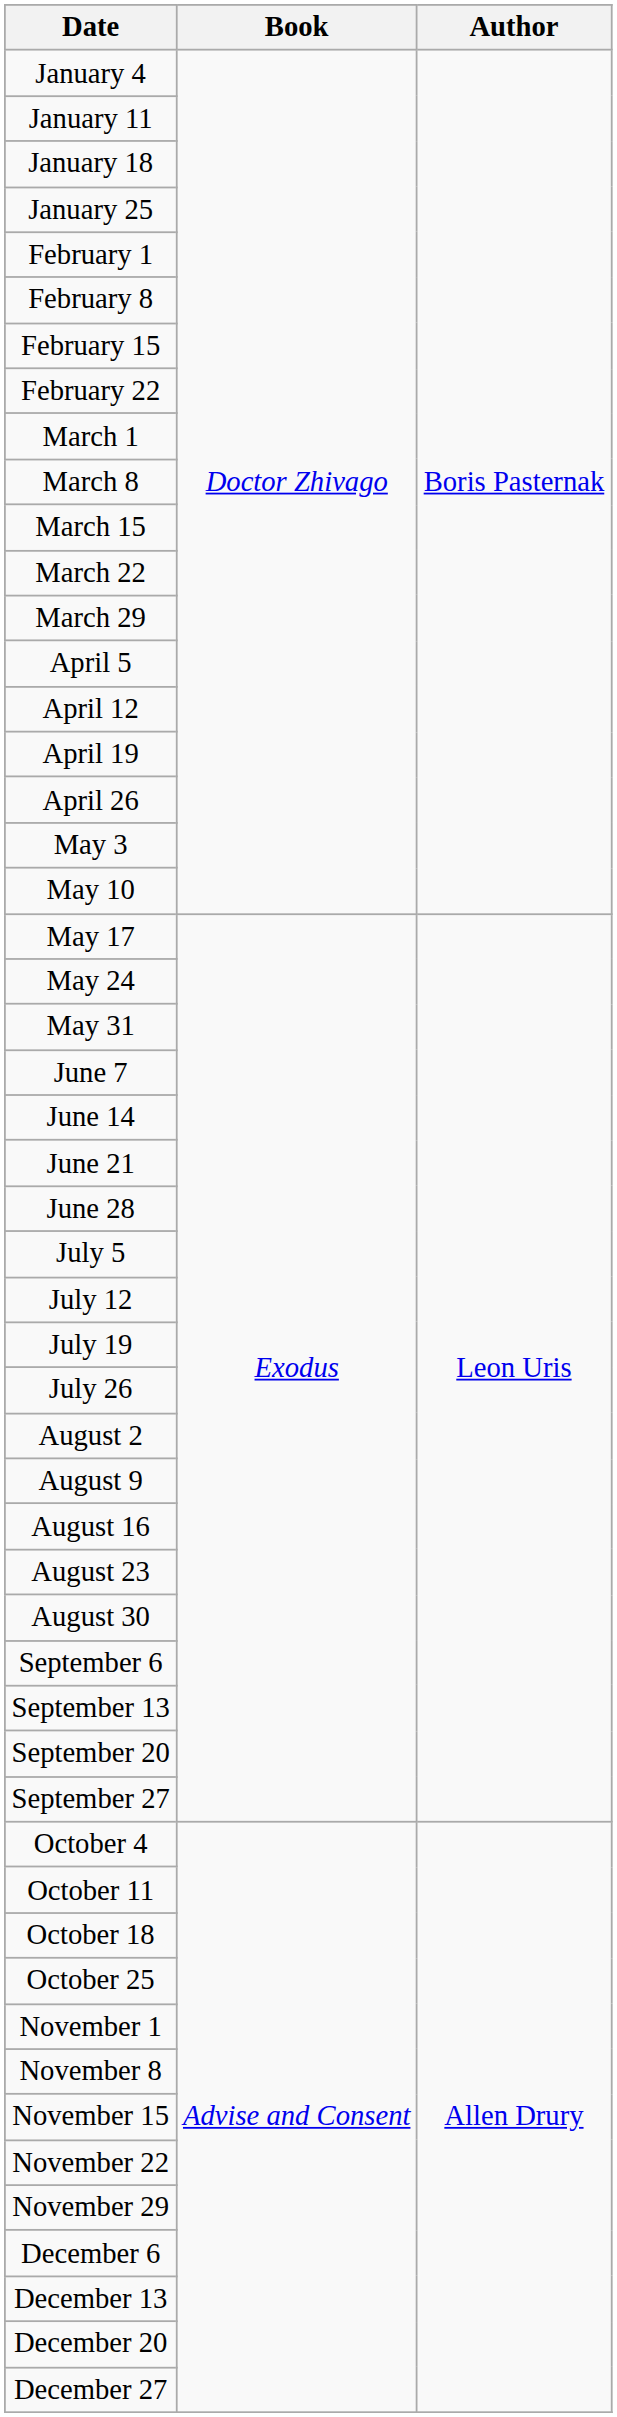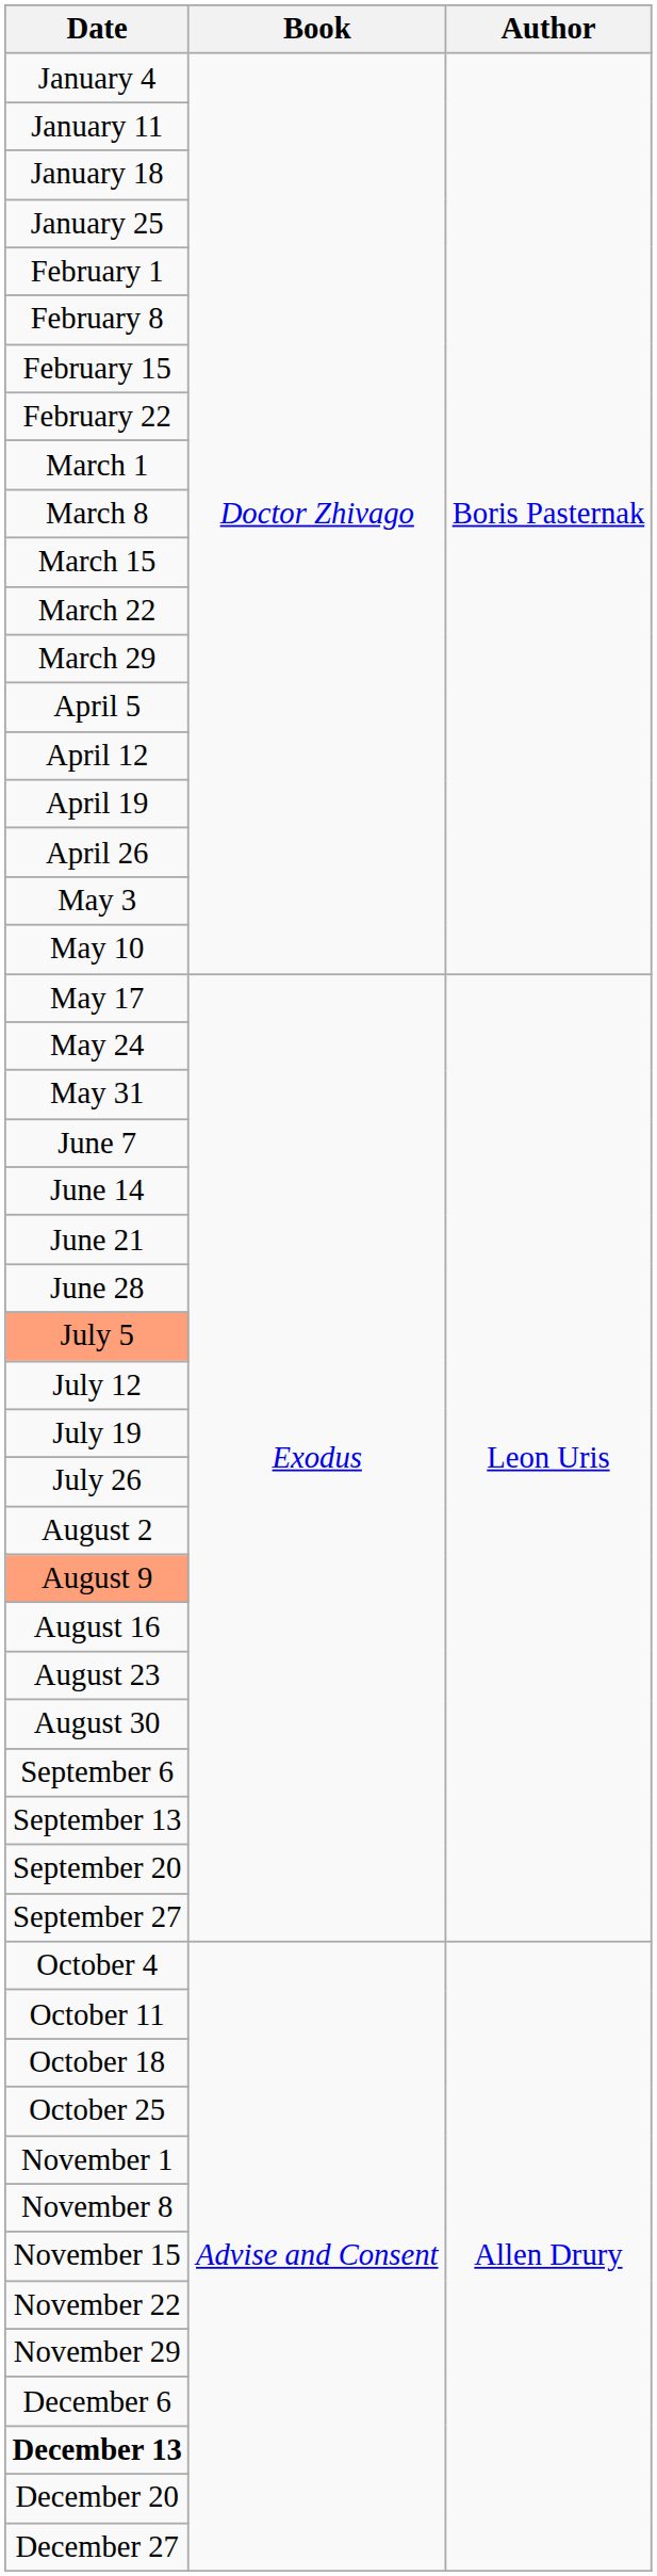 <table class="wikitable sortable" style="text-align: center">
 <tr>
 <th>Date</th>
 <th>Book</th>
 <th>Author</th>
 </tr>
 <tr>
 <td>January 4</td>
 <td rowspan=19><em><a href='#'>Doctor Zhivago</a></em></td>
 <td rowspan=19><a href='#'>Boris Pasternak</a></td>
 </tr>
 <tr>
 <td>January 11</td>
 </tr>
 <tr>
 <td>January 18</td>
 </tr>
 <tr>
 <td>January 25</td>
 </tr>
 <tr>
 <td>February 1</td>
 </tr>
 <tr>
 <td>February 8</td>
 </tr>
 <tr>
 <td>February 15</td>
 </tr>
 <tr>
 <td>February 22</td>
 </tr>
 <tr>
 <td>March 1</td>
 </tr>
 <tr>
 <td>March 8</td>
 </tr>
 <tr>
 <td>March 15</td>
 </tr>
 <tr>
 <td>March 22</td>
 </tr>
 <tr>
 <td>March 29</td>
 </tr>
 <tr>
 <td>April 5</td>
 </tr>
 <tr>
 <td>April 12</td>
 </tr>
 <tr>
 <td>April 19</td>
 </tr>
 <tr>
 <td>April 26</td>
 </tr>
 <tr>
 <td>May 3</td>
 </tr>
 <tr>
 <td>May 10</td>
 </tr>
 <tr>
 <td>May 17</td>
 <td rowspan=20><em><a href='#'>Exodus</a></em></td>
 <td rowspan=20><a href='#'>Leon Uris</a></td>
 </tr>
 <tr>
 <td>May 24</td>
 </tr>
 <tr>
 <td>May 31</td>
 </tr>
 <tr>
 <td>June 7</td>
 </tr>
 <tr>
 <td>June 14</td>
 </tr>
 <tr>
 <td>June 21</td>
 </tr>
 <tr>
 <td>June 28</td>
 </tr>
 <tr>
-<td>July 5</td>
+<td style="background: lightsalmon;">July 5</td>
 </tr>
 <tr>
 <td>July 12</td>
 </tr>
 <tr>
 <td>July 19</td>
 </tr>
 <tr>
 <td>July 26</td>
 </tr>
 <tr>
 <td>August 2</td>
 </tr>
 <tr>
-<td>August 9</td>
+<td style="background: lightsalmon;">August 9</td>
 </tr>
 <tr>
 <td>August 16</td>
 </tr>
 <tr>
 <td>August 23</td>
 </tr>
 <tr>
 <td>August 30</td>
 </tr>
 <tr>
 <td>September 6</td>
 </tr>
 <tr>
 <td>September 13</td>
 </tr>
 <tr>
 <td>September 20</td>
 </tr>
 <tr>
 <td>September 27</td>
 </tr>
 <tr>
 <td>October 4</td>
 <td rowspan=13><em><a href='#'>Advise and Consent</a></em></td>
 <td rowspan=13><a href='#'>Allen Drury</a></td>
 </tr>
 <tr>
 <td>October 11</td>
 </tr>
 <tr>
 <td>October 18</td>
 </tr>
 <tr>
 <td>October 25</td>
 </tr>
 <tr>
 <td>November 1</td>
 </tr>
 <tr>
 <td>November 8</td>
 </tr>
 <tr>
 <td>November 15</td>
 </tr>
 <tr>
 <td>November 22</td>
 </tr>
 <tr>
 <td>November 29</td>
 </tr>
 <tr>
 <td>December 6</td>
 </tr>
 <tr>
-<td>December 13</td>
+<td><strong>December 13</strong></td>
 </tr>
 <tr>
 <td>December 20</td>
 </tr>
 <tr>
 <td>December 27</td>
 </tr>
 <tr>
 </tr>
 </table>
